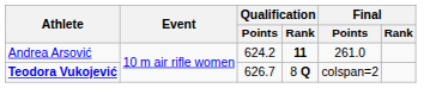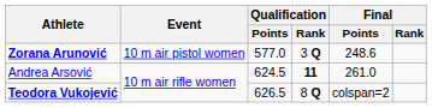 <table class="wikitable" style="font-size:90%">
 <tr>
 <th rowspan="2">Athlete</th>
 <th rowspan="2">Event</th>
 <th colspan=2>Qualification</th>
 <th colspan=2>Final</th>
 </tr>
 <tr style="font-size:95%">
 <th>Points</th>
 <th>Rank</th>
 <th>Points</th>
 <th>Rank</th>
 </tr>
 <tr align=center>
+<td align=left><strong><a href='#'>Zorana Arunović</a></strong></td>
+<td align=left><a href='#'>10 m air pistol women</a></td>
+<td>577.0</td>
+<td>3 <strong>Q</strong></td>
+<td>248.6</td>
+<td></td>
+</tr>
+<tr align=center>
 <td align=left><a href='#'>Andrea Arsović</a></td>
 <td align=left rowspan=2><a href='#'>10 m air rifle women</a></td>
-<td>624.2</td>
+<td>624.5</td>
 <td><strong>11</strong></td>
 <td>261.0</td>
 </tr>
 <tr align=center>
 <td align=left><strong><a href='#'>Teodora Vukojević</a></strong></td>
-<td>626.7</td>
+<td>626.5</td>
 <td>8 <strong>Q</strong></td>
 <td>colspan=2 </td>
 <td></td>
 </tr>
 </table>
